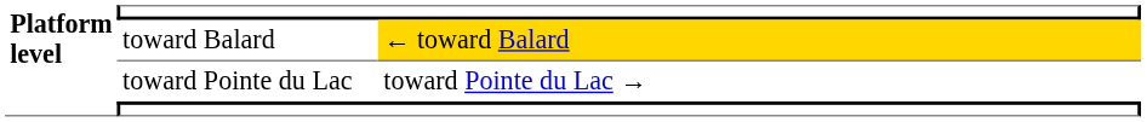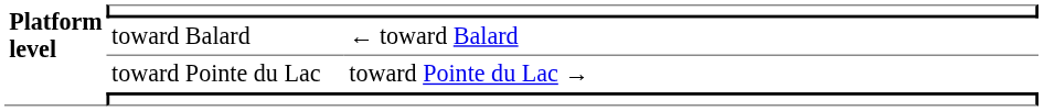 <table border=0 cellspacing=0 cellpadding=3>
 <tr>
 <td style="border-bottom:solid 1px gray;" width=50 rowspan=10 valign=top><strong>Platform level</strong></td>
 <td style="border-top:solid 1px gray;border-right:solid 2px black;border-left:solid 2px black;border-bottom:solid 2px black;text-align:center;" colspan=2></td>
 </tr>
 <tr>
 <td style="border-bottom:solid 1px gray;" width=150>toward Balard</td>
-<td style="background: gold; border-bottom:solid 1px gray;" width=450>←   toward <a href='#'>Balard</a> </td>
+<td style="border-bottom:solid 1px gray;" width=450>←   toward <a href='#'>Balard</a> </td>
 </tr>
 <tr>
 <td>toward Pointe du Lac</td>
 <td>   toward <a href='#'>Pointe du Lac</a>  →</td>
 </tr>
 <tr>
 <td style="border-top:solid 2px black;border-right:solid 2px black;border-left:solid 2px black;border-bottom:solid 1px gray;text-align:center;" colspan=2></td>
 </tr>
 </table>
